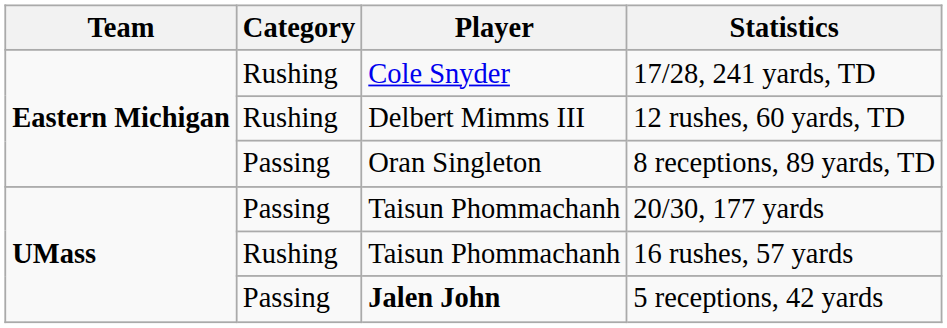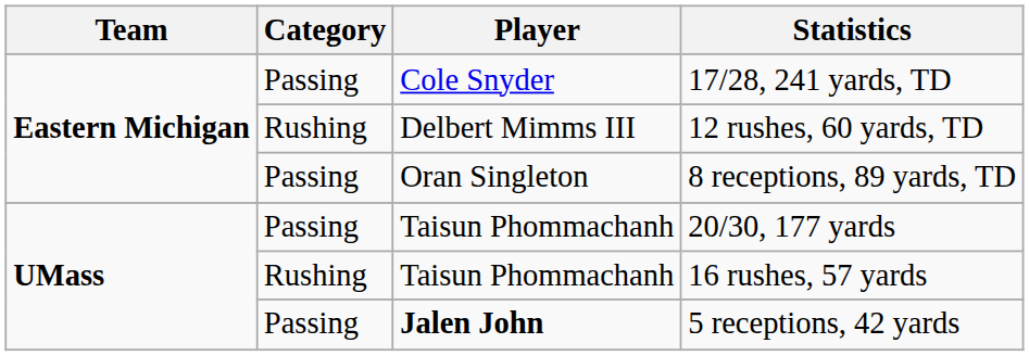 <table class="wikitable" style="float: right;">
 <tr>
 <th>Team</th>
 <th>Category</th>
 <th>Player</th>
 <th>Statistics</th>
 </tr>
 <tr>
 <td rowspan=3><strong>Eastern Michigan</strong></td>
-<td>Rushing</td>
+<td>Passing</td>
 <td><a href='#'>Cole Snyder</a></td>
 <td>17/28, 241 yards, TD</td>
 </tr>
 <tr>
 <td>Rushing</td>
 <td>Delbert Mimms III</td>
 <td>12 rushes, 60 yards, TD</td>
 </tr>
 <tr>
 <td>Passing</td>
 <td>Oran Singleton</td>
 <td>8 receptions, 89 yards, TD</td>
 </tr>
 <tr>
 <td rowspan=3><strong>UMass</strong></td>
 <td>Passing</td>
 <td>Taisun Phommachanh</td>
 <td>20/30, 177 yards</td>
 </tr>
 <tr>
 <td>Rushing</td>
 <td>Taisun Phommachanh</td>
 <td>16 rushes, 57 yards</td>
 </tr>
 <tr>
 <td>Passing</td>
 <td><strong>Jalen John</strong></td>
 <td>5 receptions, 42 yards</td>
 </tr>
 </table>
